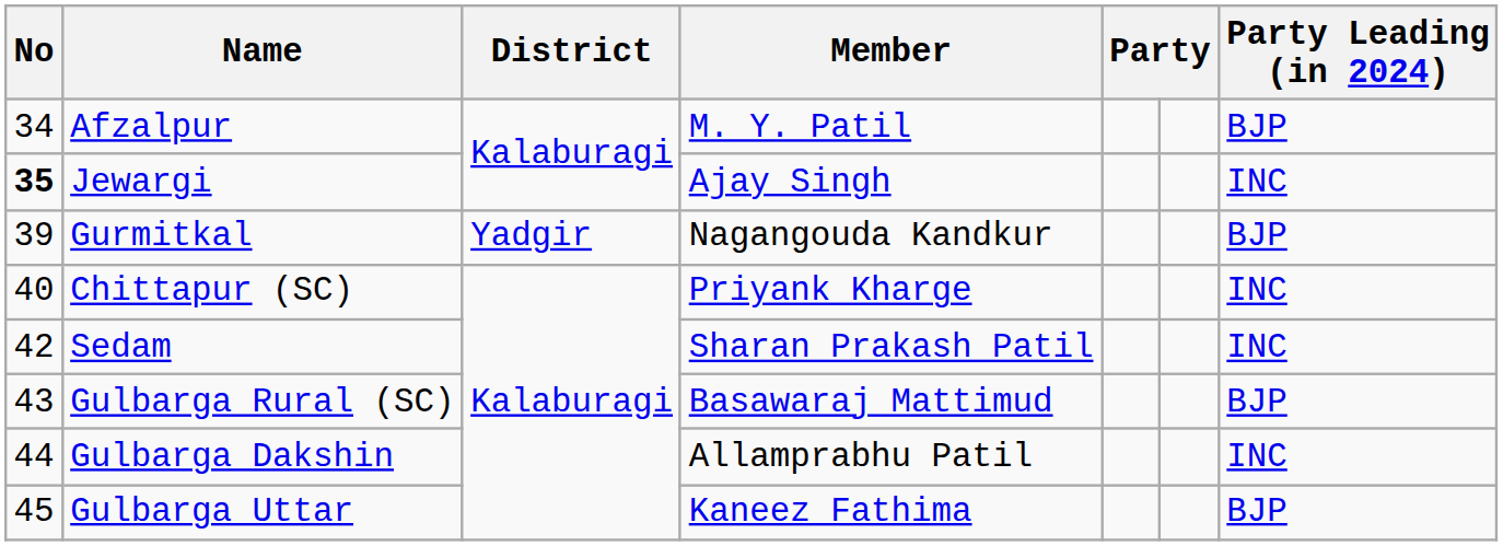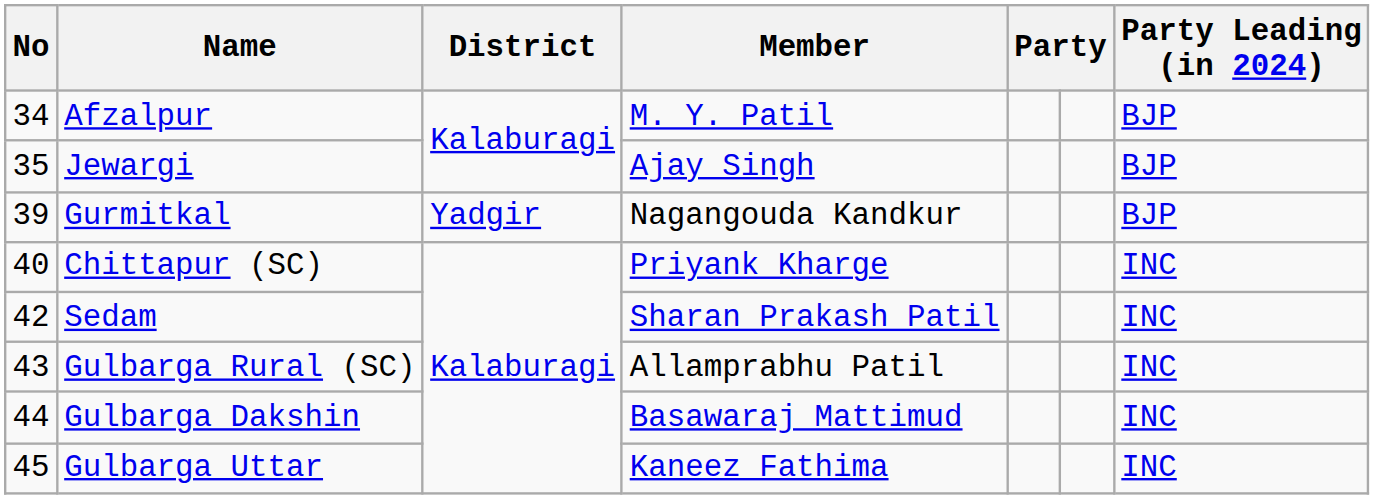 <table class="wikitable sortable">
 <tr>
 <th>No</th>
 <th>Name</th>
 <th>District</th>
 <th>Member</th>
 <th colspan="2">Party</th>
 <th colspan="2">Party Leading<br>(in <a href='#'>2024</a>)</th>
 </tr>
 <tr>
 <td>34</td>
 <td><a href='#'>Afzalpur</a></td>
 <td rowspan="2"><a href='#'>Kalaburagi</a></td>
 <td><a href='#'>M. Y. Patil</a></td>
 <td></td>
 <td style="background-color: "></td>
 <td><a href='#'>BJP</a></td>
 </tr>
 <tr>
-<td><strong>35</strong></td>
+<td>35</td>
 <td><a href='#'>Jewargi</a></td>
 <td><a href='#'>Ajay Singh</a></td>
 <td></td>
 <td style="background-color: "></td>
-<td><a href='#'>INC</a></td>
+<td><a href='#'>BJP</a></td>
 </tr>
 <tr>
 <td>39</td>
 <td><a href='#'>Gurmitkal</a></td>
 <td><a href='#'>Yadgir</a></td>
 <td>Nagangouda Kandkur</td>
 <td></td>
 <td style="background-color: "></td>
 <td><a href='#'>BJP</a></td>
 </tr>
 <tr>
 <td>40</td>
 <td><a href='#'>Chittapur</a> (SC)</td>
 <td rowspan="5"><a href='#'>Kalaburagi</a></td>
 <td><a href='#'>Priyank Kharge</a></td>
 <td></td>
 <td style="background-color: "></td>
 <td><a href='#'>INC</a></td>
 </tr>
 <tr>
 <td>42</td>
 <td><a href='#'>Sedam</a></td>
 <td><a href='#'>Sharan Prakash Patil</a></td>
 <td></td>
 <td style="background-color: "></td>
 <td><a href='#'>INC</a></td>
 </tr>
 <tr>
 <td>43</td>
 <td><a href='#'>Gulbarga Rural</a> (SC)</td>
-<td><a href='#'>Basawaraj Mattimud</a></td>
+<td>Allamprabhu Patil</td>
 <td></td>
 <td style="background-color: "></td>
-<td><a href='#'>BJP</a></td>
+<td><a href='#'>INC</a></td>
 </tr>
 <tr>
 <td>44</td>
 <td><a href='#'>Gulbarga Dakshin</a></td>
-<td>Allamprabhu Patil</td>
+<td><a href='#'>Basawaraj Mattimud</a></td>
 <td></td>
 <td style="background-color: "></td>
 <td><a href='#'>INC</a></td>
 </tr>
 <tr>
 <td>45</td>
 <td><a href='#'>Gulbarga Uttar</a></td>
 <td><a href='#'>Kaneez Fathima</a></td>
 <td></td>
 <td style="background-color: "></td>
-<td><a href='#'>BJP</a></td>
+<td><a href='#'>INC</a></td>
 </tr>
 </table>
